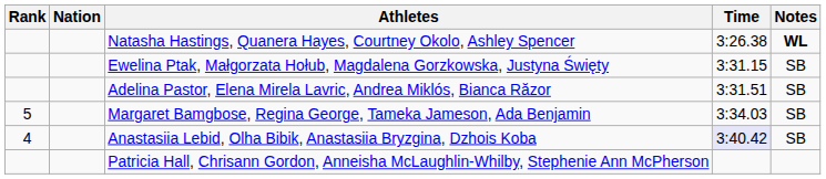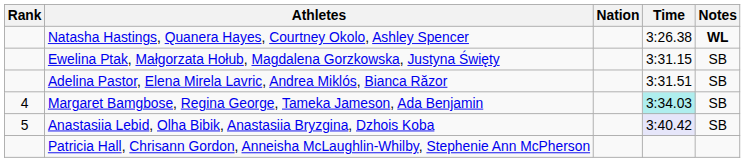 <table class="wikitable sortable" style="text-align:center; font-size:95%">
 <tr>
 <th>Rank</th>
+<th>Athletes</th>
 <th>Nation</th>
-<th>Athletes</th>
 <th>Time</th>
 <th>Notes</th>
 </tr>
 <tr>
 <td></td>
+<td align=left><a href='#'>Natasha Hastings</a>, <a href='#'>Quanera Hayes</a>, <a href='#'>Courtney Okolo</a>, <a href='#'>Ashley Spencer</a></td>
 <td align=left></td>
-<td align=left><a href='#'>Natasha Hastings</a>, <a href='#'>Quanera Hayes</a>, <a href='#'>Courtney Okolo</a>, <a href='#'>Ashley Spencer</a></td>
 <td>3:26.38</td>
 <td><strong>WL</strong></td>
 </tr>
 <tr>
 <td></td>
+<td align=left><a href='#'>Ewelina Ptak</a>, <a href='#'>Małgorzata Hołub</a>, <a href='#'>Magdalena Gorzkowska</a>, <a href='#'>Justyna Święty</a></td>
 <td align=left></td>
-<td align=left><a href='#'>Ewelina Ptak</a>, <a href='#'>Małgorzata Hołub</a>, <a href='#'>Magdalena Gorzkowska</a>, <a href='#'>Justyna Święty</a></td>
 <td>3:31.15</td>
 <td>SB</td>
 </tr>
 <tr>
 <td></td>
+<td align=left><a href='#'>Adelina Pastor</a>, <a href='#'>Elena Mirela Lavric</a>, <a href='#'>Andrea Miklós</a>, <a href='#'>Bianca Răzor</a></td>
 <td align=left></td>
-<td align=left><a href='#'>Adelina Pastor</a>, <a href='#'>Elena Mirela Lavric</a>, <a href='#'>Andrea Miklós</a>, <a href='#'>Bianca Răzor</a></td>
 <td>3:31.51</td>
 <td>SB</td>
 </tr>
 <tr>
-<td>5</td>
+<td>4</td>
+<td align=left><a href='#'>Margaret Bamgbose</a>, <a href='#'>Regina George</a>, <a href='#'>Tameka Jameson</a>, <a href='#'>Ada Benjamin</a></td>
 <td align=left></td>
-<td align=left><a href='#'>Margaret Bamgbose</a>, <a href='#'>Regina George</a>, <a href='#'>Tameka Jameson</a>, <a href='#'>Ada Benjamin</a></td>
-<td>3:34.03</td>
+<td style="background: paleturquoise;">3:34.03</td>
 <td>SB</td>
 </tr>
 <tr>
-<td>4</td>
+<td>5</td>
+<td align=left><a href='#'>Anastasiia Lebid</a>, <a href='#'>Olha Bibik</a>, <a href='#'>Anastasiia Bryzgina</a>, <a href='#'>Dzhois Koba</a></td>
 <td align=left></td>
-<td align=left><a href='#'>Anastasiia Lebid</a>, <a href='#'>Olha Bibik</a>, <a href='#'>Anastasiia Bryzgina</a>, <a href='#'>Dzhois Koba</a></td>
 <td style="background: lavender;">3:40.42</td>
 <td>SB</td>
 </tr>
 <tr>
 <td></td>
+<td align=left><a href='#'>Patricia Hall</a>, <a href='#'>Chrisann Gordon</a>, <a href='#'>Anneisha McLaughlin-Whilby</a>, <a href='#'>Stephenie Ann McPherson</a></td>
 <td align=left></td>
-<td align=left><a href='#'>Patricia Hall</a>, <a href='#'>Chrisann Gordon</a>, <a href='#'>Anneisha McLaughlin-Whilby</a>, <a href='#'>Stephenie Ann McPherson</a></td>
 <td></td>
 <td></td>
 </tr>
 </table>
